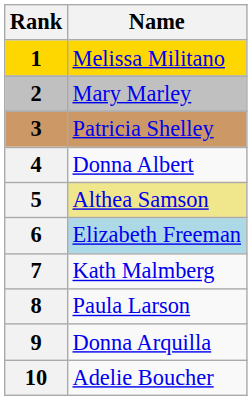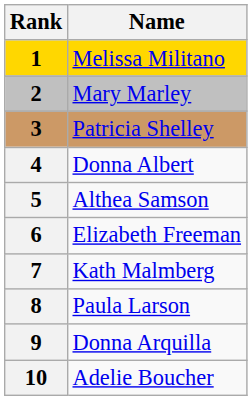 <table class="wikitable">
 <tr>
 <th>Rank</th>
 <th>Name</th>
 </tr>
 <tr bgcolor="gold">
 <td align="center"><strong>1</strong></td>
 <td><a href='#'>Melissa Militano</a></td>
 </tr>
 <tr bgcolor="silver">
 <td align="center"><strong>2</strong></td>
 <td><a href='#'>Mary Marley</a></td>
 </tr>
 <tr bgcolor="cc9966">
 <td align="center"><strong>3</strong></td>
 <td><a href='#'>Patricia Shelley</a></td>
 </tr>
 <tr>
 <th>4</th>
 <td><a href='#'>Donna Albert</a></td>
 </tr>
 <tr>
 <th>5</th>
-<td style="background: khaki;"><a href='#'>Althea Samson</a></td>
+<td><a href='#'>Althea Samson</a></td>
 </tr>
 <tr>
 <th>6</th>
-<td style="background: lightblue;"><a href='#'>Elizabeth Freeman</a></td>
+<td><a href='#'>Elizabeth Freeman</a></td>
 </tr>
 <tr>
 <th>7</th>
 <td><a href='#'>Kath Malmberg</a></td>
 </tr>
 <tr>
 <th>8</th>
 <td><a href='#'>Paula Larson</a></td>
 </tr>
 <tr>
 <th>9</th>
 <td><a href='#'>Donna Arquilla</a></td>
 </tr>
 <tr>
 <th>10</th>
 <td><a href='#'>Adelie Boucher</a></td>
 </tr>
 </table>
